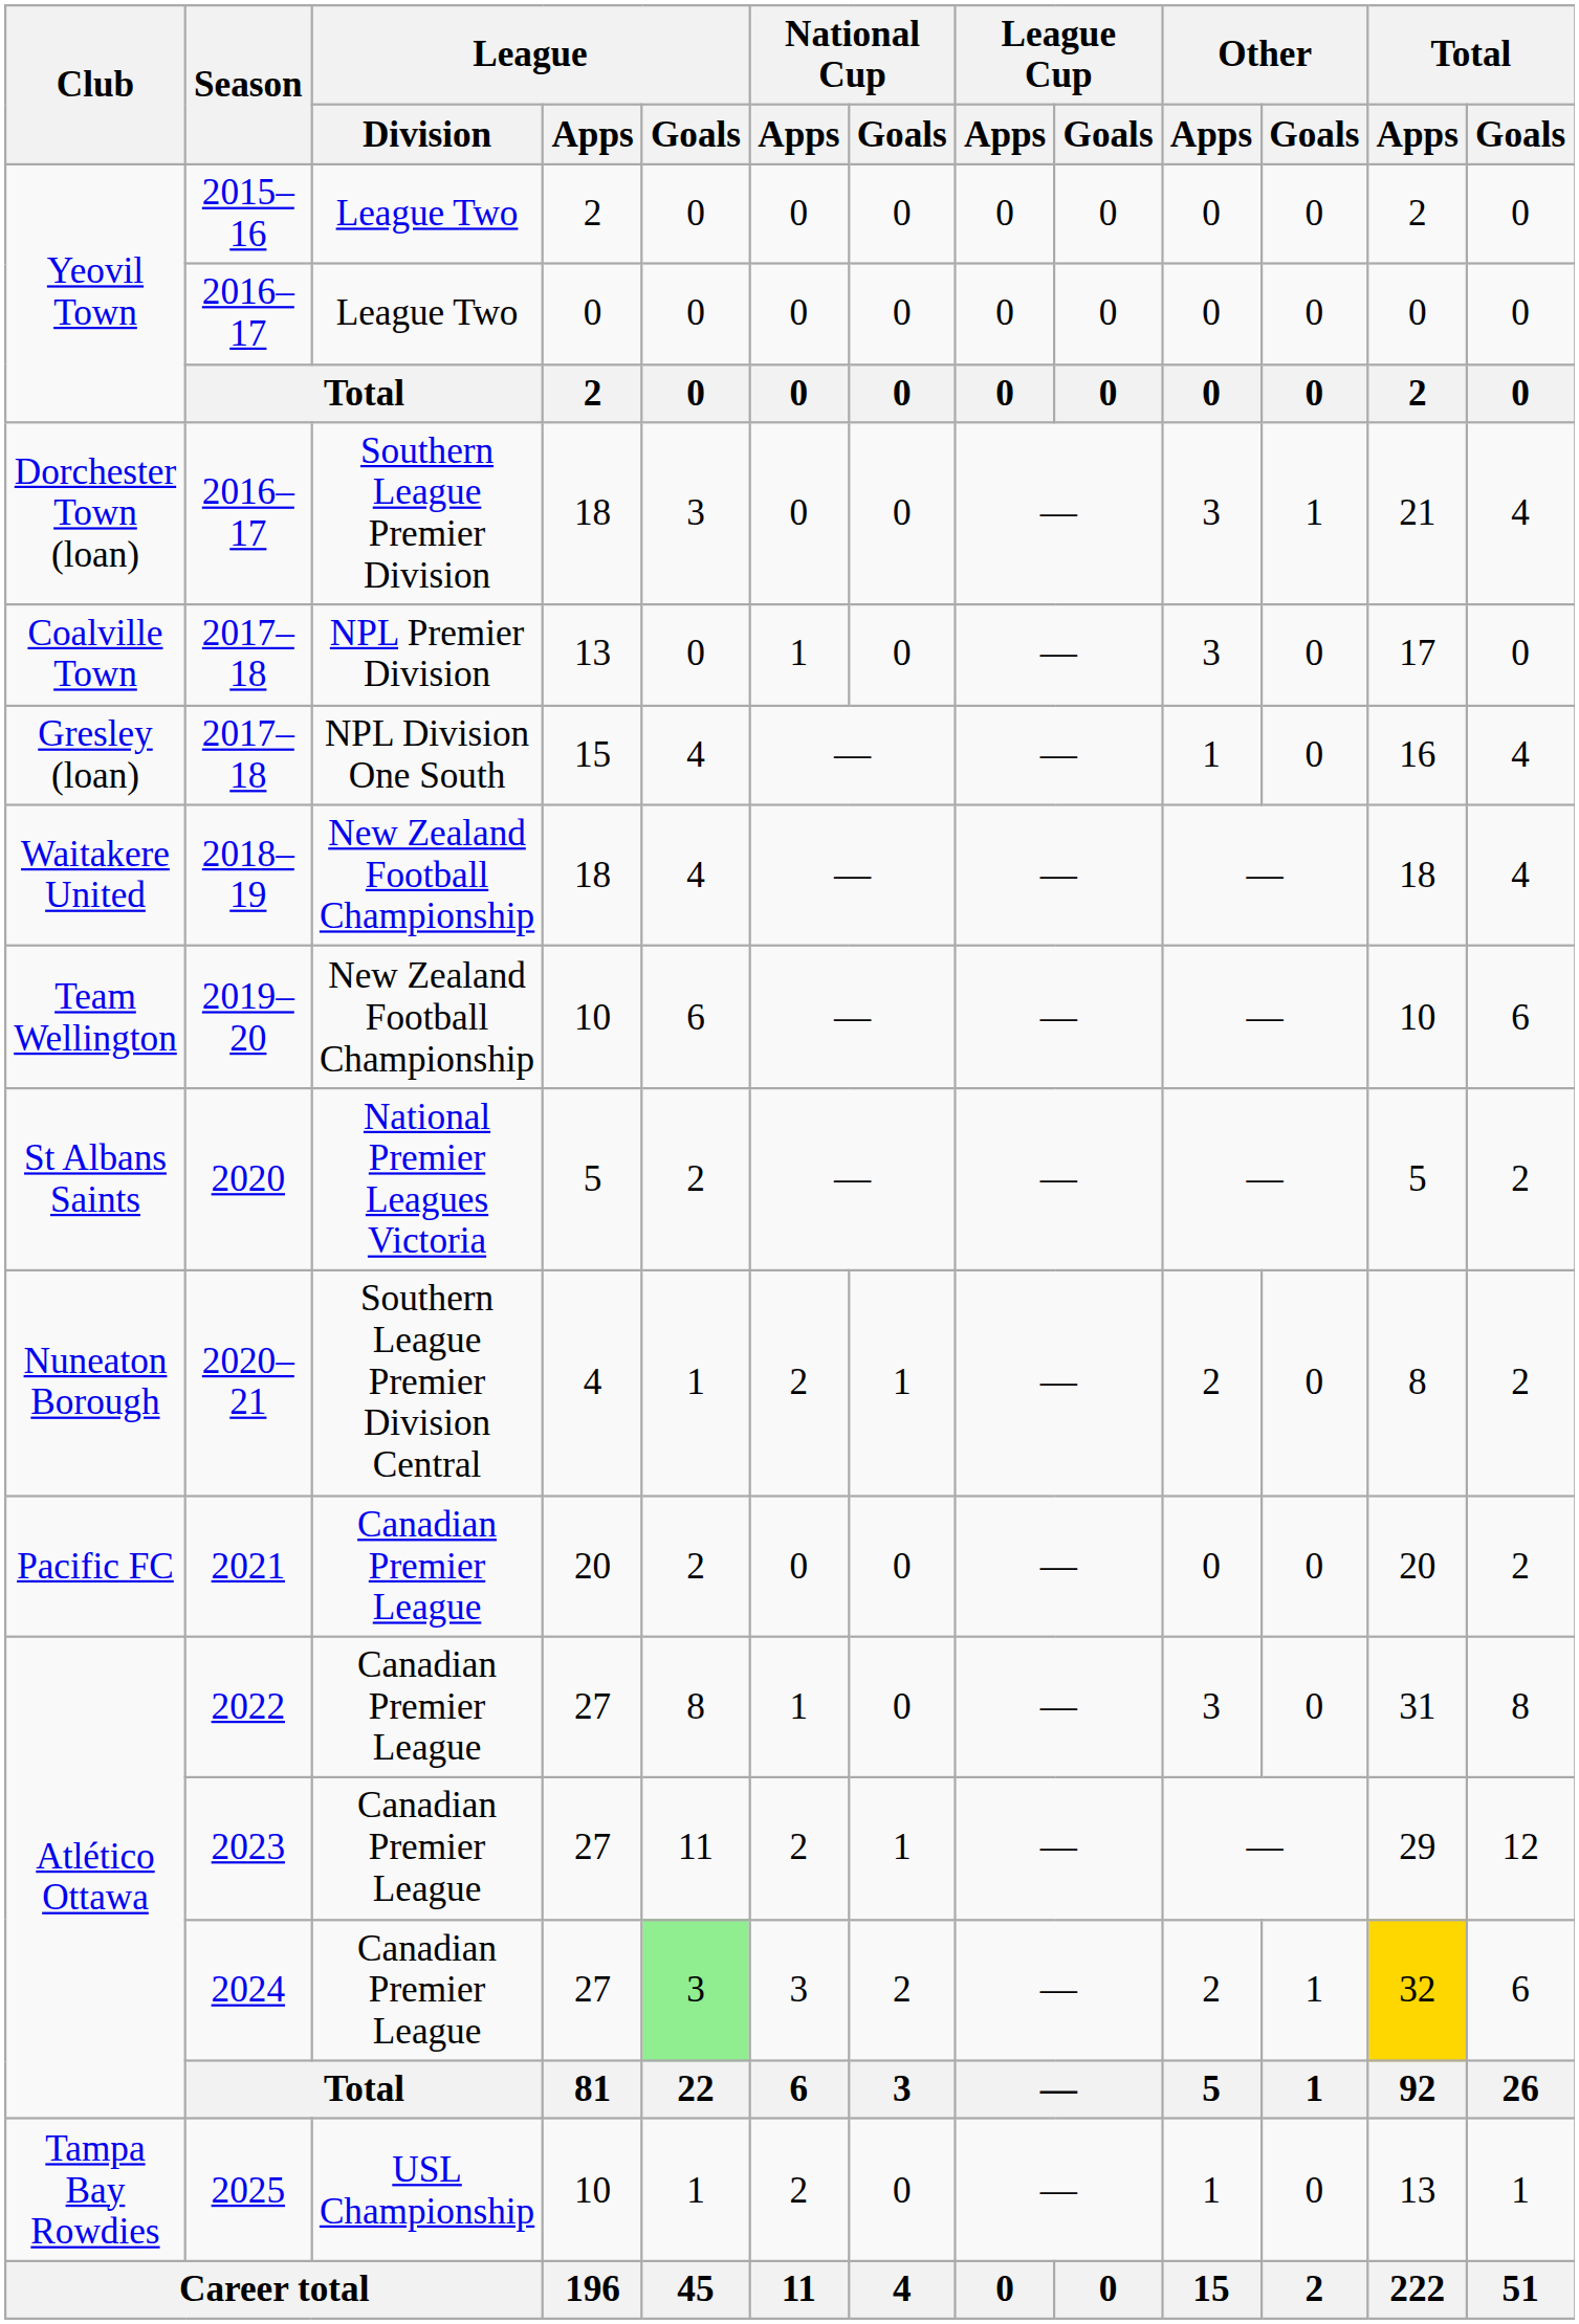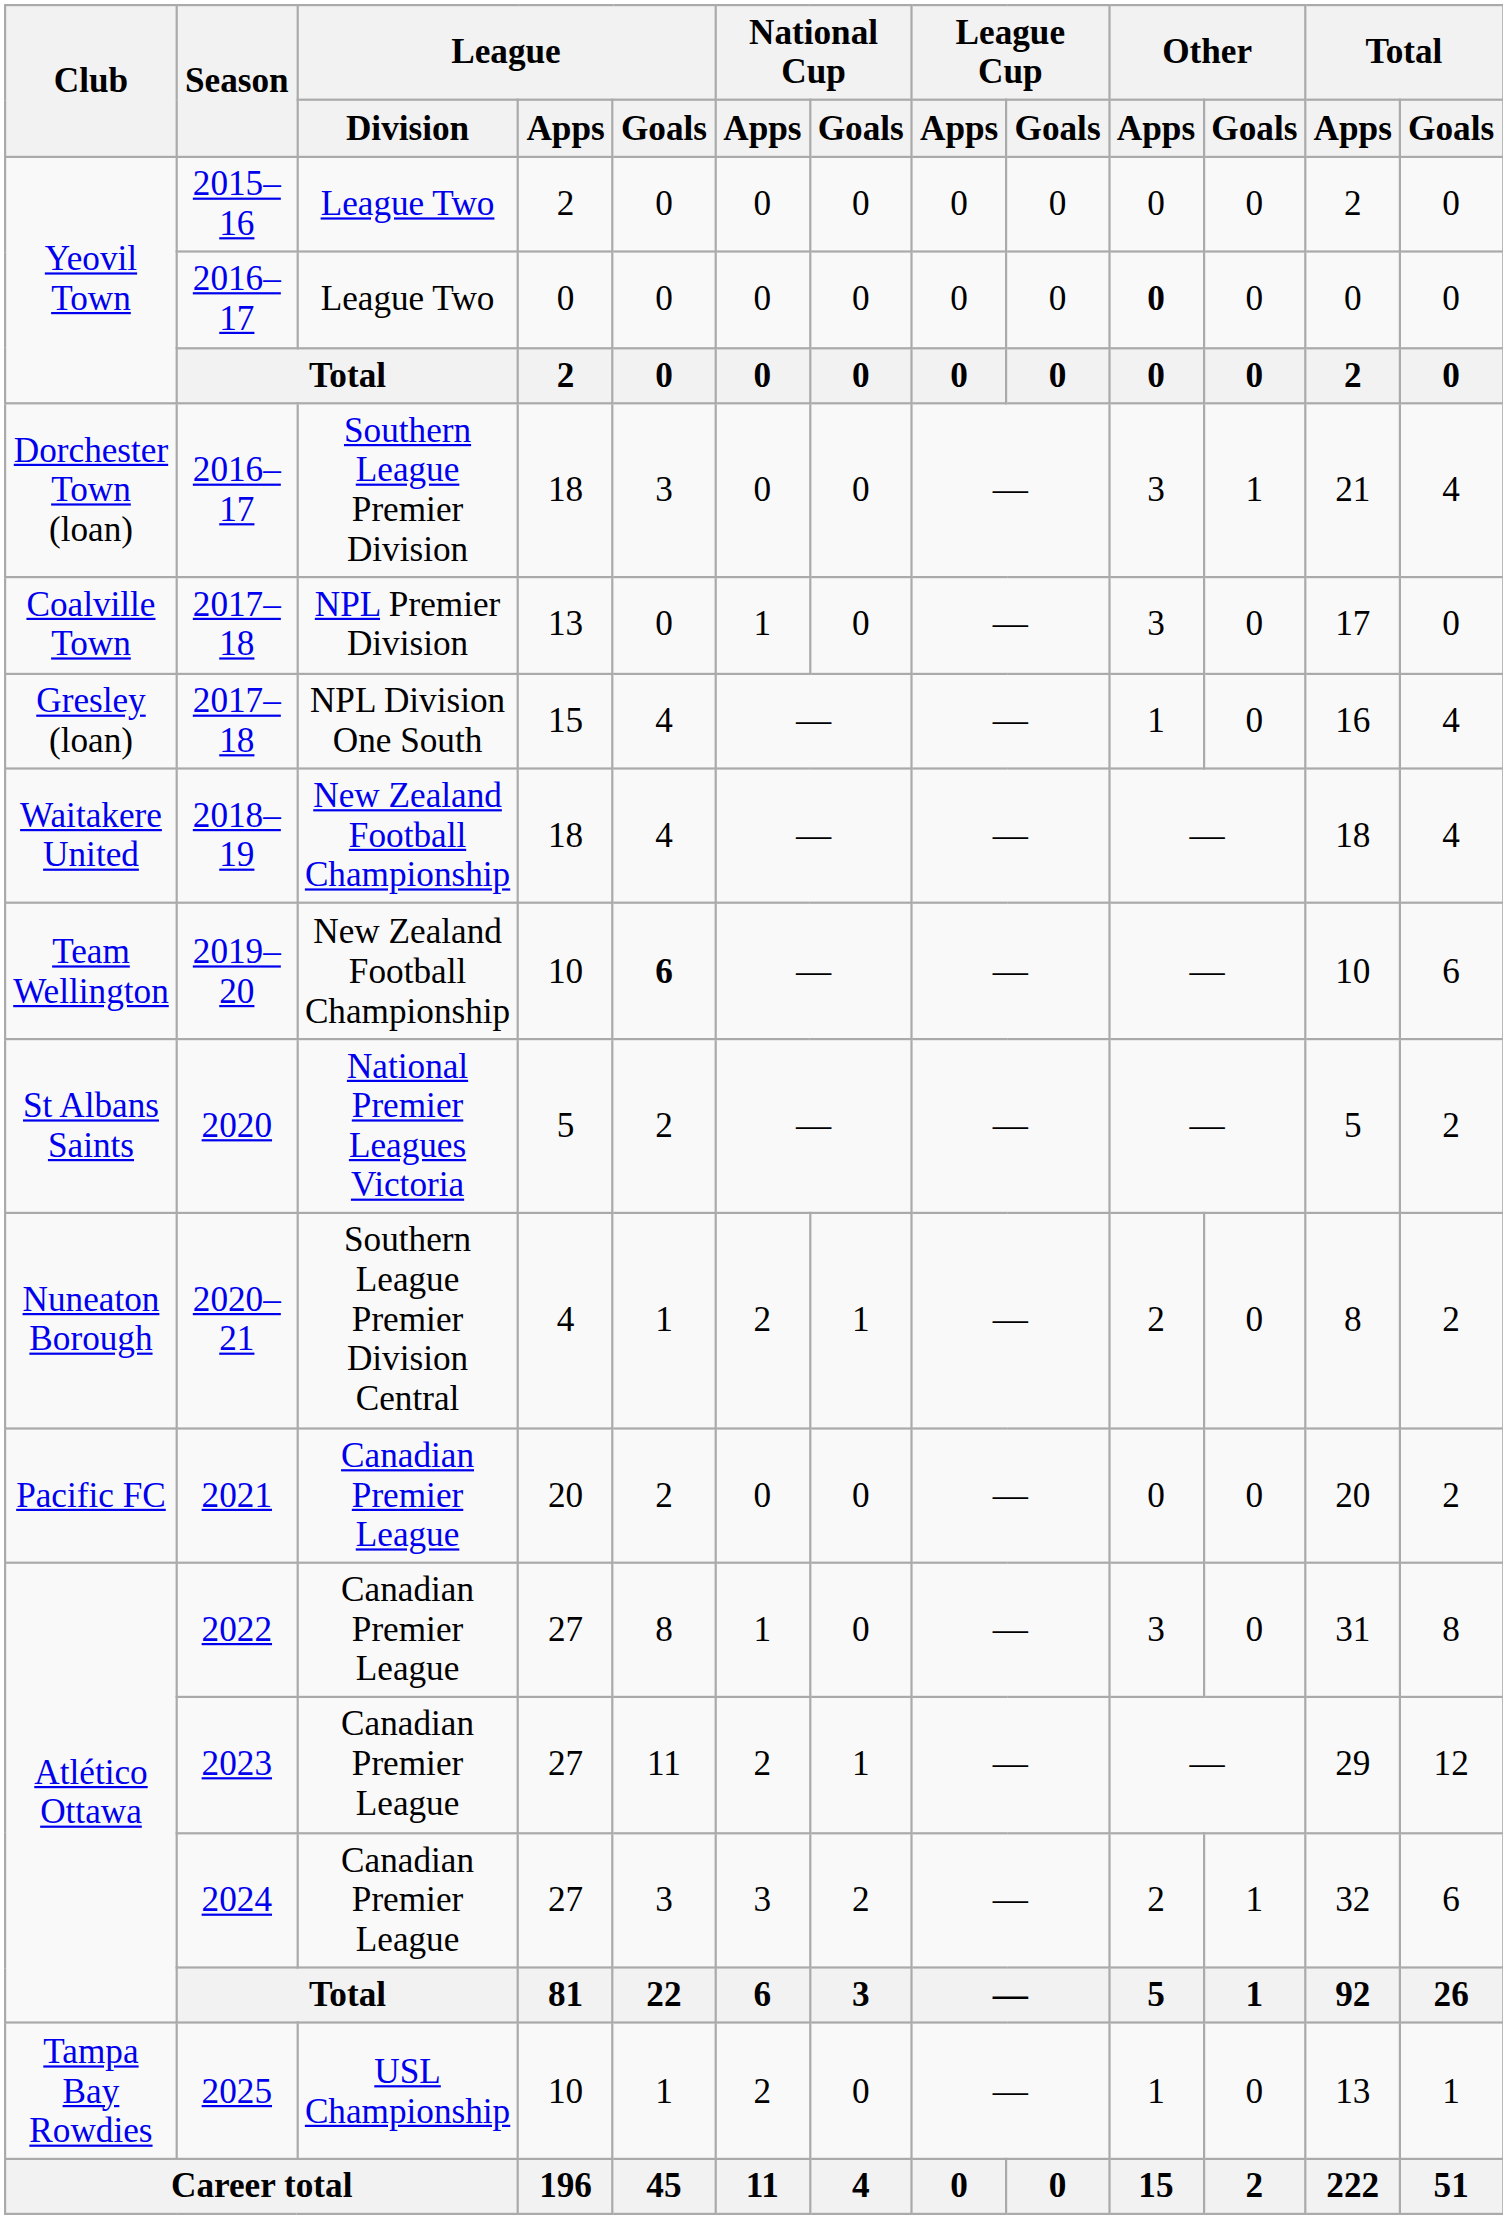 <table class=wikitable style="text-align: center">
 <tr>
 <th rowspan=2>Club</th>
 <th rowspan=2>Season</th>
 <th colspan=3>League</th>
 <th colspan=2>National Cup</th>
 <th colspan=2>League Cup</th>
 <th colspan=2>Other</th>
 <th colspan=2>Total</th>
 </tr>
 <tr>
 <th>Division</th>
 <th>Apps</th>
 <th>Goals</th>
 <th>Apps</th>
 <th>Goals</th>
 <th>Apps</th>
 <th>Goals</th>
 <th>Apps</th>
 <th>Goals</th>
 <th>Apps</th>
 <th>Goals</th>
 </tr>
 <tr>
 <td rowspan=3><a href='#'>Yeovil Town</a></td>
 <td><a href='#'>2015–16</a></td>
 <td><a href='#'>League Two</a></td>
 <td>2</td>
 <td>0</td>
 <td>0</td>
 <td>0</td>
 <td>0</td>
 <td>0</td>
 <td>0</td>
 <td>0</td>
 <td>2</td>
 <td>0</td>
 </tr>
 <tr>
 <td><a href='#'>2016–17</a></td>
 <td>League Two</td>
 <td>0</td>
 <td>0</td>
 <td>0</td>
 <td>0</td>
 <td>0</td>
 <td>0</td>
-<td>0</td>
+<td><strong>0</strong></td>
 <td>0</td>
 <td>0</td>
 <td>0</td>
 </tr>
 <tr>
 <th colspan=2>Total</th>
 <th>2</th>
 <th>0</th>
 <th>0</th>
 <th>0</th>
 <th>0</th>
 <th>0</th>
 <th>0</th>
 <th>0</th>
 <th>2</th>
 <th>0</th>
 </tr>
 <tr>
 <td><a href='#'>Dorchester Town</a> (loan)</td>
 <td><a href='#'>2016–17</a></td>
 <td><a href='#'>Southern League</a> Premier Division</td>
 <td>18</td>
 <td>3</td>
 <td>0</td>
 <td>0</td>
 <td colspan=2>—</td>
 <td>3</td>
 <td>1</td>
 <td>21</td>
 <td>4</td>
 </tr>
 <tr>
 <td><a href='#'>Coalville Town</a></td>
 <td><a href='#'>2017–18</a></td>
 <td><a href='#'>NPL</a> Premier Division</td>
 <td>13</td>
 <td>0</td>
 <td>1</td>
 <td>0</td>
 <td colspan=2>—</td>
 <td>3</td>
 <td>0</td>
 <td>17</td>
 <td>0</td>
 </tr>
 <tr>
 <td><a href='#'>Gresley</a> (loan)</td>
 <td><a href='#'>2017–18</a></td>
 <td>NPL Division One South</td>
 <td>15</td>
 <td>4</td>
 <td colspan=2>—</td>
 <td colspan=2>—</td>
 <td>1</td>
 <td>0</td>
 <td>16</td>
 <td>4</td>
 </tr>
 <tr>
 <td><a href='#'>Waitakere United</a></td>
 <td><a href='#'>2018–19</a></td>
 <td><a href='#'>New Zealand Football Championship</a></td>
 <td>18</td>
 <td>4</td>
 <td colspan=2>—</td>
 <td colspan=2>—</td>
 <td colspan=2>—</td>
 <td>18</td>
 <td>4</td>
 </tr>
 <tr>
 <td><a href='#'>Team Wellington</a></td>
 <td><a href='#'>2019–20</a></td>
 <td>New Zealand Football Championship</td>
 <td>10</td>
-<td>6</td>
+<td><strong>6</strong></td>
 <td colspan=2>—</td>
 <td colspan=2>—</td>
 <td colspan=2>—</td>
 <td>10</td>
 <td>6</td>
 </tr>
 <tr>
 <td><a href='#'>St Albans Saints</a></td>
 <td><a href='#'>2020</a></td>
 <td><a href='#'>National Premier Leagues Victoria</a></td>
 <td>5</td>
 <td>2</td>
 <td colspan=2>—</td>
 <td colspan=2>—</td>
 <td colspan=2>—</td>
 <td>5</td>
 <td>2</td>
 </tr>
 <tr>
 <td><a href='#'>Nuneaton Borough</a></td>
 <td><a href='#'>2020–21</a></td>
 <td>Southern League Premier Division Central</td>
 <td>4</td>
 <td>1</td>
 <td>2</td>
 <td>1</td>
 <td colspan=2>—</td>
 <td>2</td>
 <td>0</td>
 <td>8</td>
 <td>2</td>
 </tr>
 <tr>
 <td><a href='#'>Pacific FC</a></td>
 <td><a href='#'>2021</a></td>
 <td><a href='#'>Canadian Premier League</a></td>
 <td>20</td>
 <td>2</td>
 <td>0</td>
 <td>0</td>
 <td colspan=2>—</td>
 <td>0</td>
 <td>0</td>
 <td>20</td>
 <td>2</td>
 </tr>
 <tr>
 <td rowspan=4><a href='#'>Atlético Ottawa</a></td>
 <td><a href='#'>2022</a></td>
 <td>Canadian Premier League</td>
 <td>27</td>
 <td>8</td>
 <td>1</td>
 <td>0</td>
 <td colspan=2>—</td>
 <td>3</td>
 <td>0</td>
 <td>31</td>
 <td>8</td>
 </tr>
 <tr>
 <td><a href='#'>2023</a></td>
 <td>Canadian Premier League</td>
 <td>27</td>
 <td>11</td>
 <td>2</td>
 <td>1</td>
 <td colspan=2>—</td>
 <td colspan=2>—</td>
 <td>29</td>
 <td>12</td>
 </tr>
 <tr>
 <td><a href='#'>2024</a></td>
 <td>Canadian Premier League</td>
 <td>27</td>
-<td style="background: lightgreen;">3</td>
+<td>3</td>
 <td>3</td>
 <td>2</td>
 <td colspan=2>—</td>
 <td>2</td>
 <td>1</td>
-<td style="background: gold;">32</td>
+<td>32</td>
 <td>6</td>
 </tr>
 <tr>
 <th colspan=2>Total</th>
 <th>81</th>
 <th>22</th>
 <th>6</th>
 <th>3</th>
 <th colspan=2>—</th>
 <th>5</th>
 <th>1</th>
 <th>92</th>
 <th>26</th>
 </tr>
 <tr>
 <td><a href='#'>Tampa Bay Rowdies</a></td>
 <td><a href='#'>2025</a></td>
 <td><a href='#'>USL Championship</a></td>
 <td>10</td>
 <td>1</td>
 <td>2</td>
 <td>0</td>
 <td colspan=2>—</td>
 <td>1</td>
 <td>0</td>
 <td>13</td>
 <td>1</td>
 </tr>
 <tr>
 <th colspan=3>Career total</th>
 <th>196</th>
 <th>45</th>
 <th>11</th>
 <th>4</th>
 <th>0</th>
 <th>0</th>
 <th>15</th>
 <th>2</th>
 <th>222</th>
 <th>51</th>
 </tr>
 </table>
